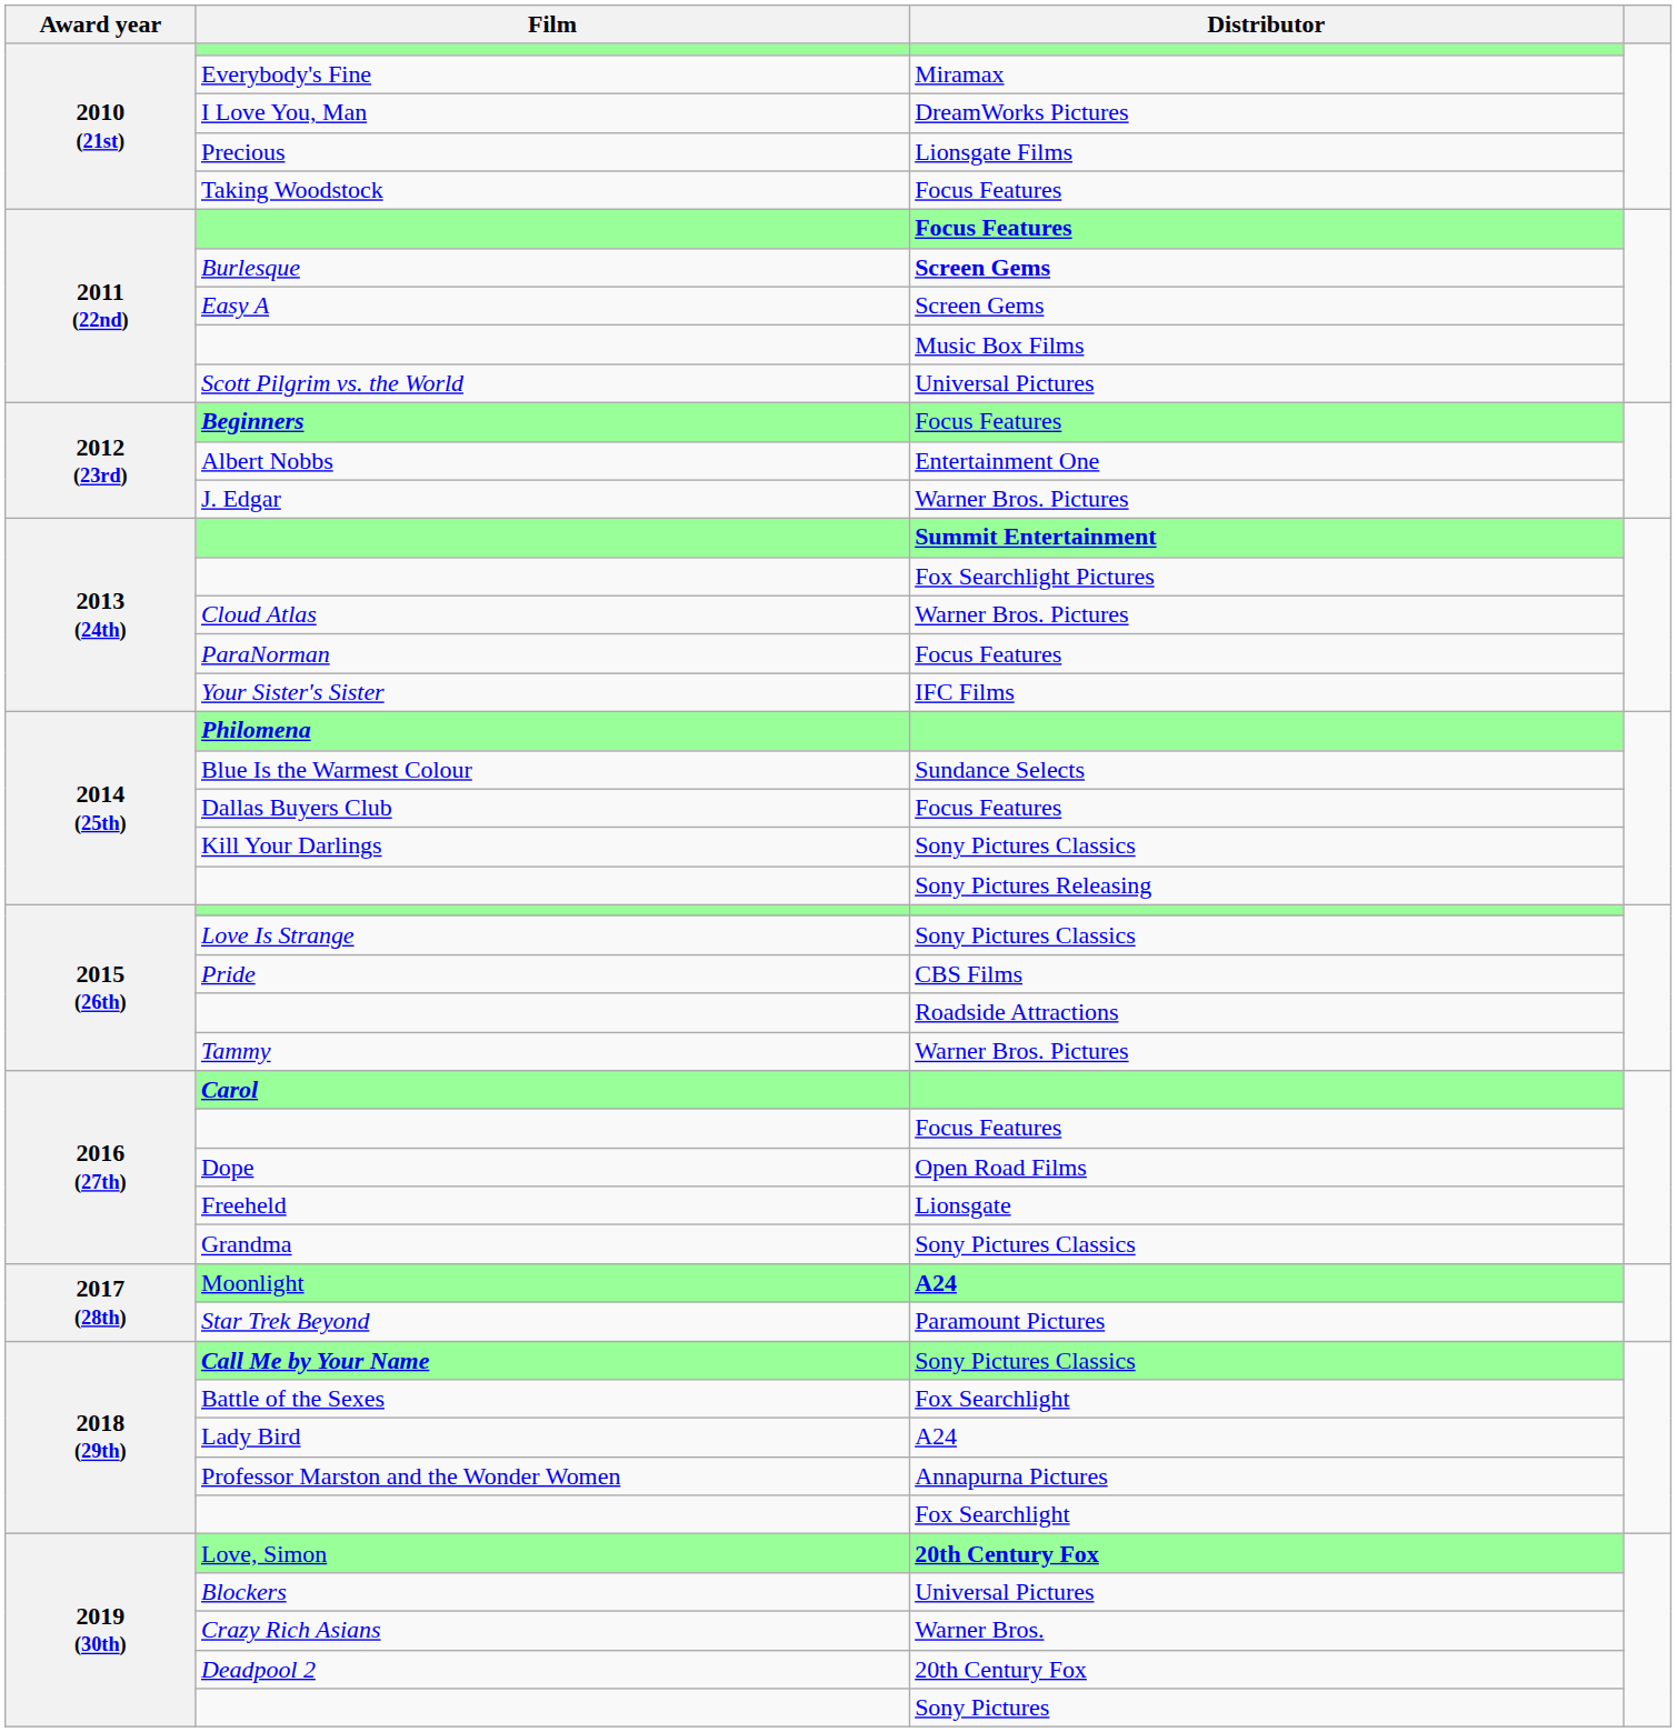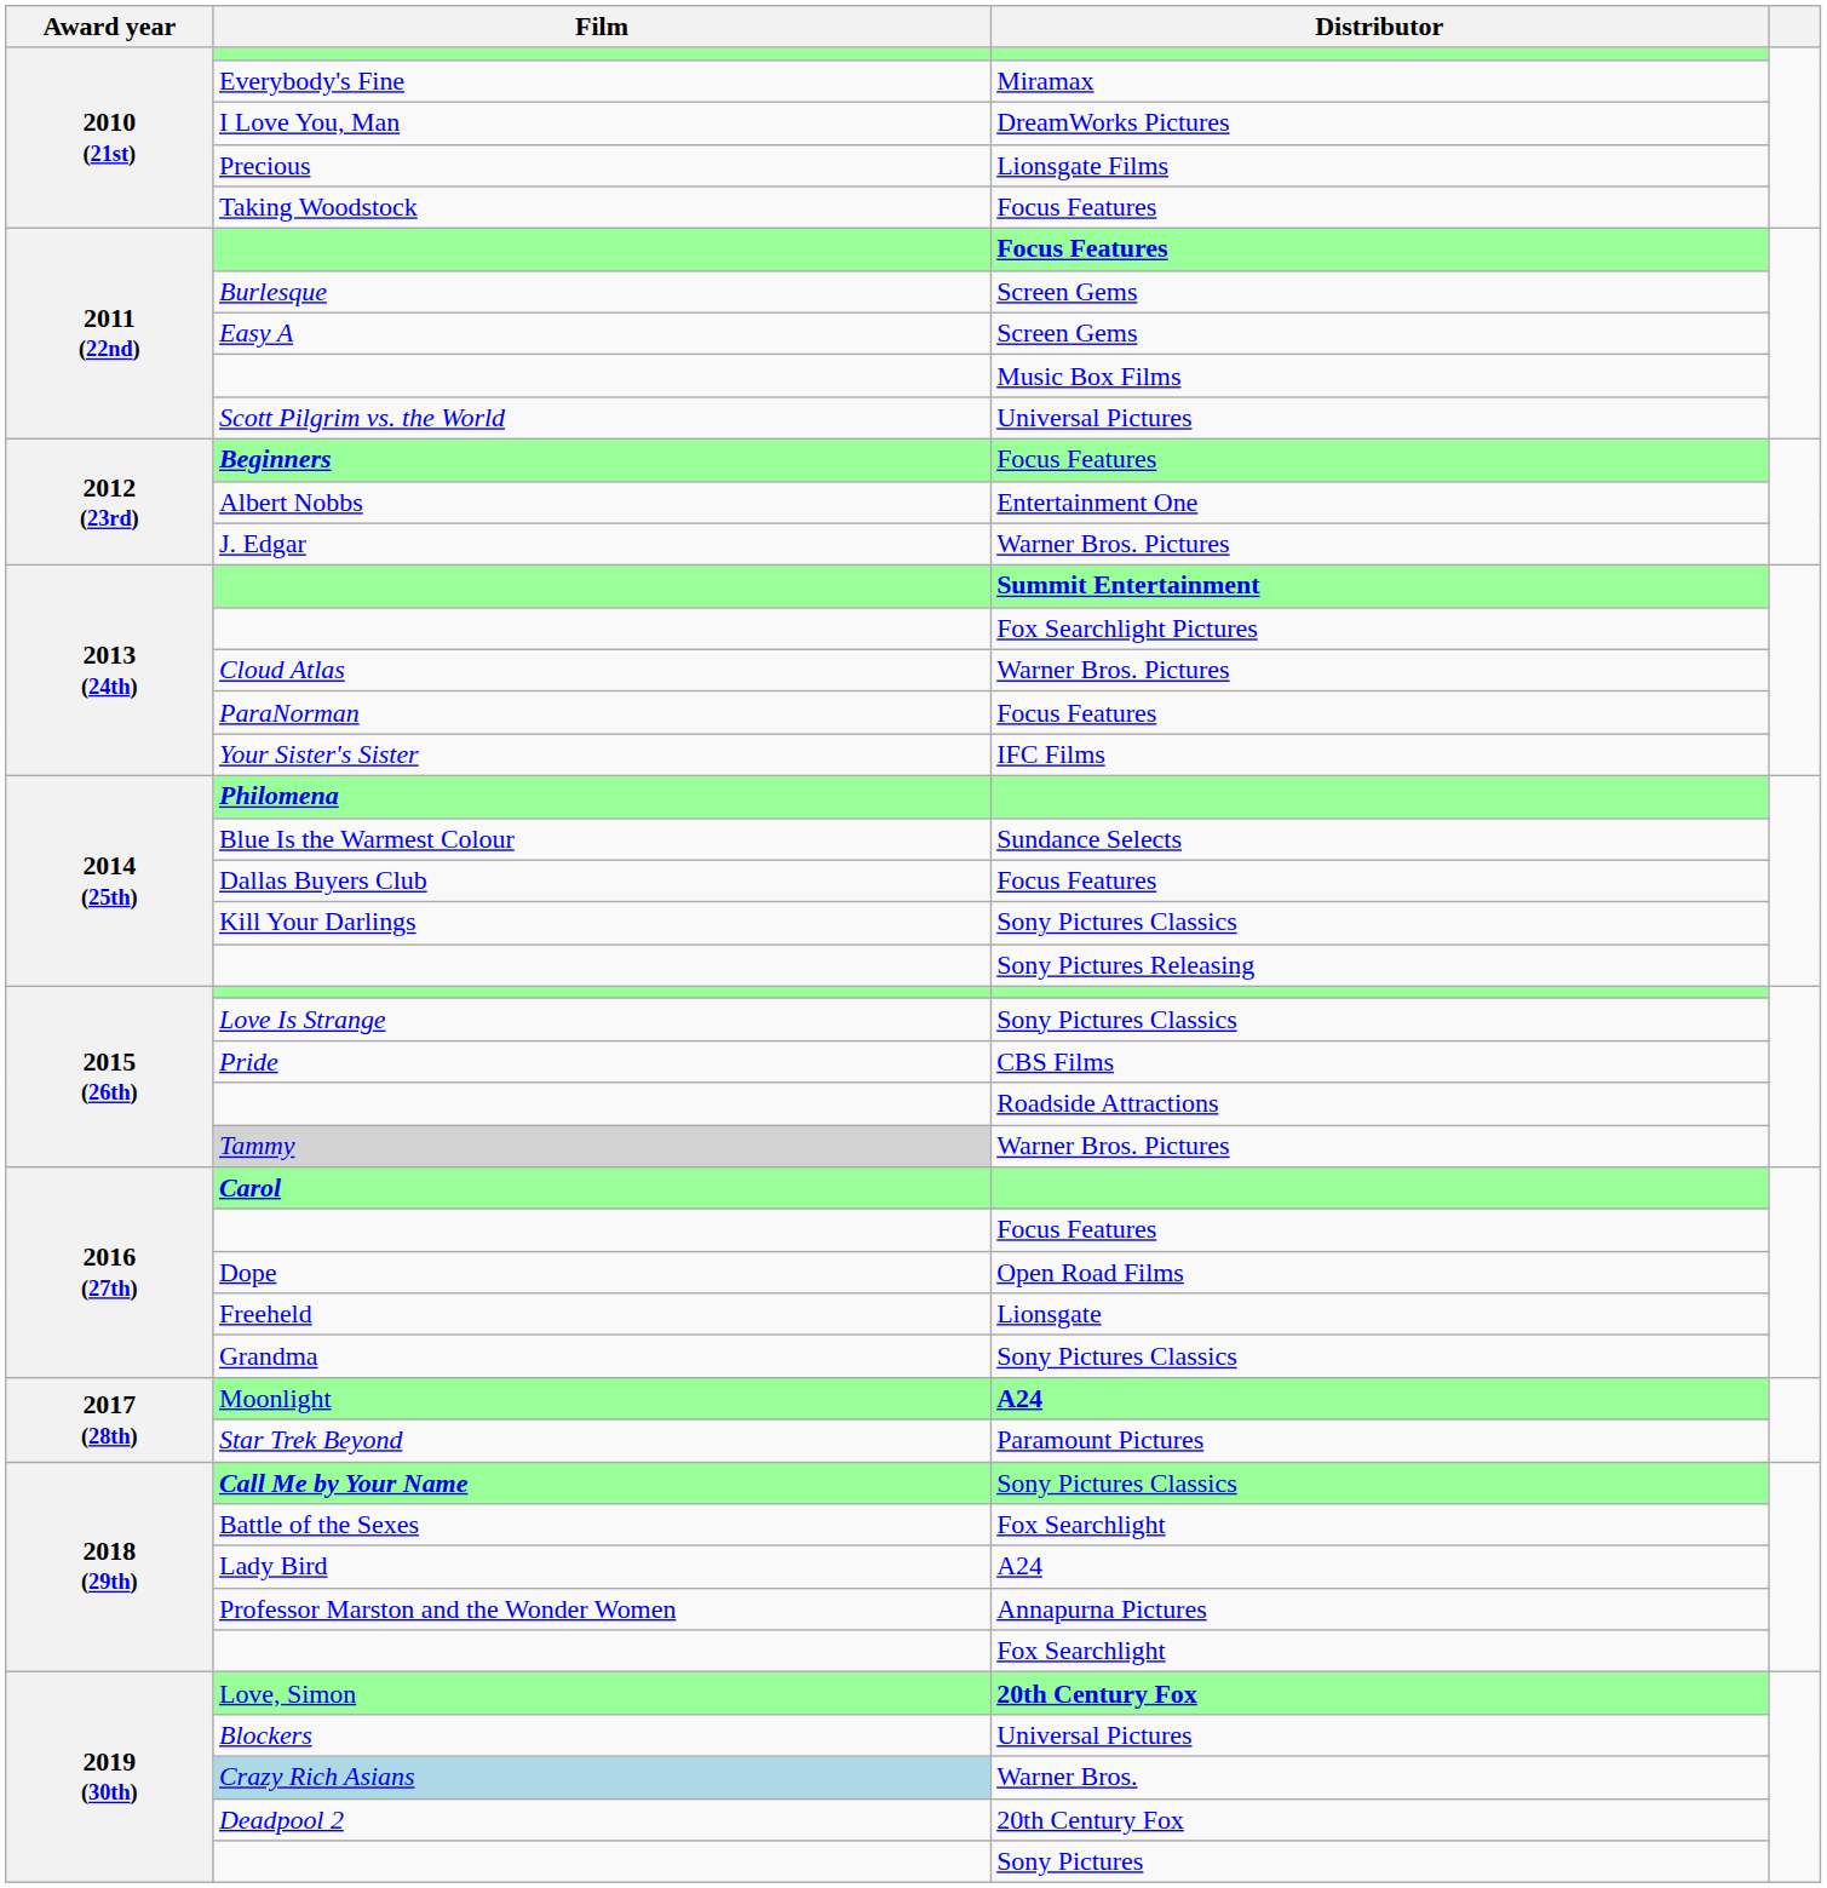 <table class="wikitable sortable">
 <tr>
 <th scope="col" style="width:8%">Award year</th>
 <th scope="col" style="width:30%">Film</th>
 <th scope="col" style="width:30%">Distributor</th>
 <th scope="col" style="width:2%" class="unsortable"></th>
 </tr>
 <tr>
 <th rowspan="5" scope="rowgroup" style="text-align:center">2010<br><small>(<a href='#'>21st</a>)</small></th>
 <td style="background:#99ff99;"><strong><em><em> <strong></td>
 <td style="background:#99ff99;"></strong><strong></td>
 <td rowspan="5" align="center"><br></td>
 </tr>
 <tr>
 <td></em><a href='#'>Everybody's Fine</a><em></td>
 <td><a href='#'>Miramax</a></td>
 </tr>
 <tr>
 <td></em><a href='#'>I Love You, Man</a><em></td>
 <td><a href='#'>DreamWorks Pictures</a></td>
 </tr>
 <tr>
 <td></em><a href='#'>Precious</a><em></td>
 <td><a href='#'>Lionsgate Films</a></td>
 </tr>
 <tr>
 <td></em><a href='#'>Taking Woodstock</a><em></td>
 <td><a href='#'>Focus Features</a></td>
 </tr>
 <tr>
 <th rowspan="5" scope="rowgroup" style="text-align:center">2011<br><small>(<a href='#'>22nd</a>)</small></th>
 <td style="background:#99ff99;"></em></strong></em> </strong></td>
 <td style="background:#99ff99;"><strong><a href='#'>Focus Features</a></strong></td>
 <td rowspan="5" align="center"><br></td>
 </tr>
 <tr>
 <td><em><a href='#'>Burlesque</a></em></td>
-<td><strong><a href='#'>Screen Gems</a></strong></td>
+<td><a href='#'>Screen Gems</a></td>
 </tr>
 <tr>
 <td><em><a href='#'>Easy A</a></em></td>
 <td><a href='#'>Screen Gems</a></td>
 </tr>
 <tr>
 <td><em></em></td>
 <td><a href='#'>Music Box Films</a></td>
 </tr>
 <tr>
 <td><em><a href='#'>Scott Pilgrim vs. the World</a></em></td>
 <td><a href='#'>Universal Pictures</a></td>
 </tr>
 <tr>
 <th rowspan="3" scope="rowgroup" style="text-align:center">2012<br><small>(<a href='#'>23rd</a>)</small></th>
 <td style="background:#99ff99;"><strong><em><a href='#'>Beginners</a><em> <strong></td>
 <td style="background:#99ff99;"></strong><a href='#'>Focus Features</a><strong></td>
 <td rowspan="3" align="center"><br></td>
 </tr>
 <tr>
 <td></em><a href='#'>Albert Nobbs</a><em></td>
 <td><a href='#'>Entertainment One</a></td>
 </tr>
 <tr>
 <td></em><a href='#'>J. Edgar</a><em></td>
 <td><a href='#'>Warner Bros. Pictures</a></td>
 </tr>
 <tr>
 <th rowspan="5" scope="rowgroup" style="text-align:center">2013<br><small>(<a href='#'>24th</a>)</small></th>
 <td style="background:#99ff99;"></em></strong></em> </strong></td>
 <td style="background:#99ff99;"><strong><a href='#'>Summit Entertainment</a></strong></td>
 <td rowspan="5" align="center"><br></td>
 </tr>
 <tr>
 <td><em></em></td>
 <td><a href='#'>Fox Searchlight Pictures</a></td>
 </tr>
 <tr>
 <td><em><a href='#'>Cloud Atlas</a></em></td>
 <td><a href='#'>Warner Bros. Pictures</a></td>
 </tr>
 <tr>
 <td><em><a href='#'>ParaNorman</a></em></td>
 <td><a href='#'>Focus Features</a></td>
 </tr>
 <tr>
 <td><em><a href='#'>Your Sister's Sister</a></em></td>
 <td><a href='#'>IFC Films</a></td>
 </tr>
 <tr>
 <th rowspan="5" scope="rowgroup" style="text-align:center">2014<br><small>(<a href='#'>25th</a>)</small></th>
 <td style="background:#99ff99;"><strong><em><a href='#'>Philomena</a><em> <strong></td>
 <td style="background:#99ff99;"></strong><strong></td>
 <td rowspan="5" align="center"><br></td>
 </tr>
 <tr>
 <td></em><a href='#'>Blue Is the Warmest Colour</a><em></td>
 <td><a href='#'>Sundance Selects</a></td>
 </tr>
 <tr>
 <td></em><a href='#'>Dallas Buyers Club</a><em></td>
 <td><a href='#'>Focus Features</a></td>
 </tr>
 <tr>
 <td></em><a href='#'>Kill Your Darlings</a><em></td>
 <td><a href='#'>Sony Pictures Classics</a></td>
 </tr>
 <tr>
 <td></em><em></td>
 <td><a href='#'>Sony Pictures Releasing</a></td>
 </tr>
 <tr>
 <th rowspan="5" scope="rowgroup" style="text-align:center">2015<br><small>(<a href='#'>26th</a>)</small></th>
 <td style="background:#99ff99;"></em></strong></em> </strong></td>
 <td style="background:#99ff99;"><strong></strong></td>
 <td rowspan="5" align="center"><br></td>
 </tr>
 <tr>
 <td><em><a href='#'>Love Is Strange</a></em></td>
 <td><a href='#'>Sony Pictures Classics</a></td>
 </tr>
 <tr>
 <td><em><a href='#'>Pride</a></em></td>
 <td><a href='#'>CBS Films</a></td>
 </tr>
 <tr>
 <td><em></em></td>
 <td><a href='#'>Roadside Attractions</a></td>
 </tr>
 <tr>
-<td><em><a href='#'>Tammy</a></em></td>
+<td style="background: lightgrey;"><em><a href='#'>Tammy</a></em></td>
 <td><a href='#'>Warner Bros. Pictures</a></td>
 </tr>
 <tr>
 <th rowspan="5" scope="rowgroup" style="text-align:center">2016<br><small>(<a href='#'>27th</a>)</small></th>
 <td style="background:#99ff99;"><strong><em><a href='#'>Carol</a><em> <strong></td>
 <td style="background:#99ff99;"></strong><strong></td>
 <td rowspan="5" align="center"><br></td>
 </tr>
 <tr>
 <td></em><em></td>
 <td><a href='#'>Focus Features</a></td>
 </tr>
 <tr>
 <td></em><a href='#'>Dope</a><em></td>
 <td><a href='#'>Open Road Films</a></td>
 </tr>
 <tr>
 <td></em><a href='#'>Freeheld</a><em></td>
 <td><a href='#'>Lionsgate</a></td>
 </tr>
 <tr>
 <td></em><a href='#'>Grandma</a><em></td>
 <td><a href='#'>Sony Pictures Classics</a></td>
 </tr>
 <tr>
 <th rowspan="2" scope="rowgroup" style="text-align:center">2017<br><small>(<a href='#'>28th</a>)</small></th>
 <td style="background:#99ff99;"></em></strong><a href='#'>Moonlight</a></em> </strong></td>
 <td style="background:#99ff99;"><strong><a href='#'>A24</a></strong></td>
 <td rowspan="2" align="center"><br></td>
 </tr>
 <tr>
 <td><em><a href='#'>Star Trek Beyond</a></em></td>
 <td><a href='#'>Paramount Pictures</a></td>
 </tr>
 <tr>
 <th rowspan="5" scope="rowgroup" style="text-align:center">2018<br><small>(<a href='#'>29th</a>)</small></th>
 <td style="background:#99ff99;"><strong><em><a href='#'>Call Me by Your Name</a><em> <strong></td>
 <td style="background:#99ff99;"></strong><a href='#'>Sony Pictures Classics</a><strong></td>
 <td rowspan="5" align="center"><br></td>
 </tr>
 <tr>
 <td></em><a href='#'>Battle of the Sexes</a><em></td>
 <td><a href='#'>Fox Searchlight</a></td>
 </tr>
 <tr>
 <td></em><a href='#'>Lady Bird</a><em></td>
 <td><a href='#'>A24</a></td>
 </tr>
 <tr>
 <td></em><a href='#'>Professor Marston and the Wonder Women</a><em></td>
 <td><a href='#'>Annapurna Pictures</a></td>
 </tr>
 <tr>
 <td></em><em></td>
 <td><a href='#'>Fox Searchlight</a></td>
 </tr>
 <tr>
 <th rowspan="5" scope="rowgroup" style="text-align:center">2019<br><small>(<a href='#'>30th</a>)</small></th>
 <td style="background:#99ff99;"></em></strong><a href='#'>Love, Simon</a></em> </strong></td>
 <td style="background:#99ff99;"><strong><a href='#'>20th Century Fox</a></strong></td>
 <td rowspan="5" align="center"><br></td>
 </tr>
 <tr>
 <td><em><a href='#'>Blockers</a></em></td>
 <td><a href='#'>Universal Pictures</a></td>
 </tr>
 <tr>
-<td><em><a href='#'>Crazy Rich Asians</a></em></td>
+<td style="background: lightblue;"><em><a href='#'>Crazy Rich Asians</a></em></td>
 <td><a href='#'>Warner Bros.</a></td>
 </tr>
 <tr>
 <td><em><a href='#'>Deadpool 2</a></em></td>
 <td><a href='#'>20th Century Fox</a></td>
 </tr>
 <tr>
 <td><em></em></td>
 <td><a href='#'>Sony Pictures</a></td>
 </tr>
 </table>
